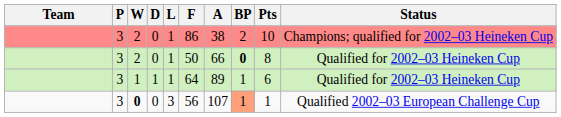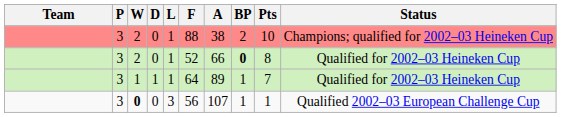 <table class="wikitable" style="text-align:center;">
 <tr>
 <th width="120px">Team</th>
 <th>P</th>
 <th>W</th>
 <th>D</th>
 <th>L</th>
 <th width="23px">F</th>
 <th width="23px">A</th>
 <th>BP</th>
 <th width="23px">Pts</th>
 <th>Status</th>
 </tr>
 <tr bgcolor="#FF8888">
 <td></td>
 <td>3</td>
 <td>2</td>
 <td>0</td>
 <td>1</td>
-<td>86</td>
+<td>88</td>
 <td>38</td>
 <td>2</td>
 <td>10</td>
 <td>Champions; qualified for <a href='#'>2002–03 Heineken Cup</a></td>
 </tr>
 <tr bgcolor="#D0F0C0">
 <td></td>
 <td>3</td>
 <td>2</td>
 <td>0</td>
 <td>1</td>
-<td>50</td>
+<td>52</td>
 <td>66</td>
 <td><strong>0</strong></td>
 <td>8</td>
 <td>Qualified for <a href='#'>2002–03 Heineken Cup</a></td>
 </tr>
 <tr bgcolor="#D0F0C0">
 <td></td>
 <td>3</td>
 <td>1</td>
 <td>1</td>
 <td>1</td>
 <td>64</td>
 <td>89</td>
 <td>1</td>
-<td>6</td>
+<td>7</td>
 <td>Qualified for <a href='#'>2002–03 Heineken Cup</a></td>
 </tr>
 <tr>
 <td></td>
 <td>3</td>
 <td><strong>0</strong></td>
 <td>0</td>
 <td>3</td>
 <td>56</td>
 <td>107</td>
-<td style="background: lightsalmon;">1</td>
+<td>1</td>
 <td>1</td>
 <td>Qualified <a href='#'>2002–03 European Challenge Cup</a></td>
 </tr>
 </table>
